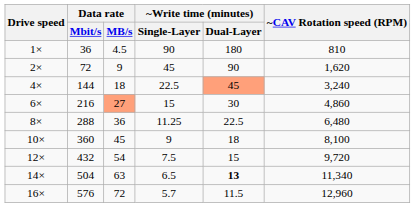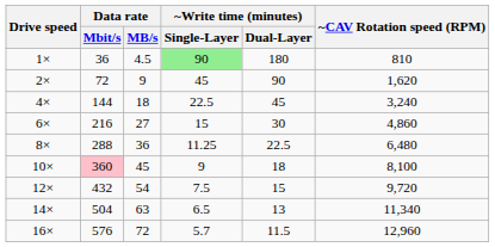 <table class="wikitable" style="float: right; margin-left: 1.5em; margin-right: 0; margin-top: 0">
 <tr>
 <th rowspan="2">Drive speed</th>
 <th colspan="2">Data rate</th>
 <th colspan="2">~Write time (minutes)</th>
 <th rowspan="2">~<a href='#'>CAV</a> Rotation speed (RPM)</th>
 </tr>
 <tr style="text-align:center;">
 <th><a href='#'>Mbit/s</a></th>
 <th><a href='#'>MB/s</a></th>
 <th>Single-Layer</th>
 <th>Dual-Layer</th>
 </tr>
 <tr style="text-align:center;">
 <td>1×</td>
 <td>36</td>
 <td>4.5</td>
-<td>90</td>
+<td style="background: lightgreen;">90</td>
 <td>180</td>
 <td>810</td>
 </tr>
 <tr style="text-align:center;">
 <td>2×</td>
 <td>72</td>
 <td>9</td>
 <td>45</td>
 <td>90</td>
 <td>1,620</td>
 </tr>
 <tr style="text-align:center;">
 <td>4×</td>
 <td>144</td>
 <td>18</td>
 <td>22.5</td>
-<td style="background: lightsalmon;">45</td>
+<td>45</td>
 <td>3,240</td>
 </tr>
 <tr style="text-align:center;">
 <td>6×</td>
 <td>216</td>
-<td style="background: lightsalmon;">27</td>
+<td>27</td>
 <td>15</td>
 <td>30</td>
 <td>4,860</td>
 </tr>
 <tr style="text-align:center;">
 <td>8×</td>
 <td>288</td>
 <td>36</td>
 <td>11.25</td>
 <td>22.5</td>
 <td>6,480</td>
 </tr>
 <tr style="text-align:center;">
 <td>10×</td>
-<td>360</td>
+<td style="background: pink;">360</td>
 <td>45</td>
 <td>9</td>
 <td>18</td>
 <td>8,100</td>
 </tr>
 <tr style="text-align:center;">
 <td>12×</td>
 <td>432</td>
 <td>54</td>
 <td>7.5</td>
 <td>15</td>
 <td>9,720</td>
 </tr>
 <tr style="text-align:center;">
 <td>14×</td>
 <td>504</td>
 <td>63</td>
 <td>6.5</td>
-<td><strong>13</strong></td>
+<td>13</td>
 <td>11,340</td>
 </tr>
 <tr style="text-align:center;">
 <td>16×</td>
 <td>576</td>
 <td>72</td>
 <td>5.7</td>
 <td>11.5</td>
 <td>12,960</td>
 </tr>
 </table>
